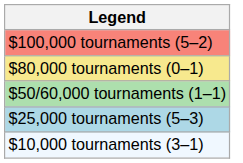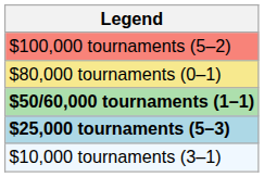 <table class="wikitable" style="font-size:85%">
 <tr>
 <th>Legend</th>
 </tr>
 <tr bgcolor="#F88379">
 <td>$100,000 tournaments (5–2)</td>
 </tr>
 <tr bgcolor="#F7E98E">
 <td>$80,000 tournaments (0–1)</td>
 </tr>
 <tr bgcolor="#ADDFAD">
-<td>$50/60,000 tournaments (1–1)</td>
+<td><strong>$50/60,000 tournaments (1–1)</strong></td>
 </tr>
 <tr bgcolor="lightblue">
-<td>$25,000 tournaments (5–3)</td>
+<td><strong>$25,000 tournaments (5–3)</strong></td>
 </tr>
 <tr bgcolor="#f0f8ff">
 <td>$10,000 tournaments (3–1)</td>
 </tr>
 </table>
